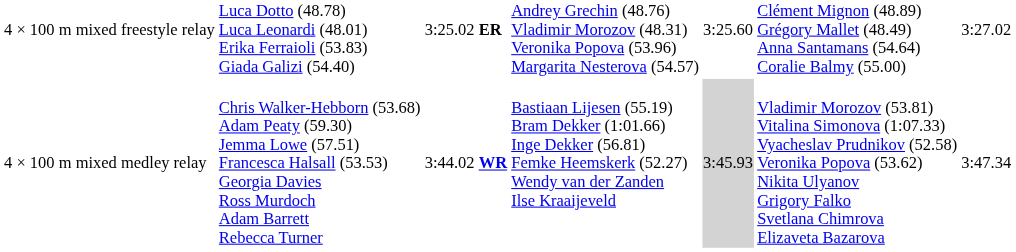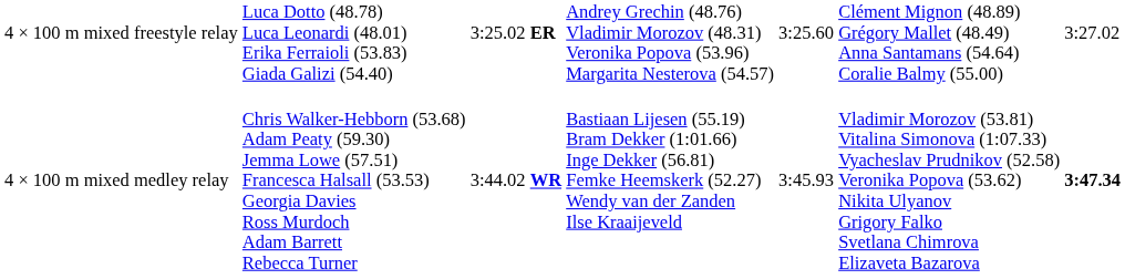 <table>
 <tr>
 <td>4 × 100 m mixed freestyle relay<br></td>
 <td><br><a href='#'>Luca Dotto</a> (48.78)<br><a href='#'>Luca Leonardi</a> (48.01)<br><a href='#'>Erika Ferraioli</a> (53.83)<br><a href='#'>Giada Galizi</a> (54.40)</td>
 <td>3:25.02 <strong>ER</strong></td>
 <td><br><a href='#'>Andrey Grechin</a> (48.76)<br><a href='#'>Vladimir Morozov</a> (48.31)<br><a href='#'>Veronika Popova</a> (53.96)<br><a href='#'>Margarita Nesterova</a> (54.57)</td>
 <td>3:25.60</td>
 <td><br><a href='#'>Clément Mignon</a> (48.89)<br><a href='#'>Grégory Mallet</a> (48.49)<br><a href='#'>Anna Santamans</a> (54.64)<br><a href='#'>Coralie Balmy</a> (55.00)</td>
 <td>3:27.02</td>
 </tr>
 <tr>
 <td>4 × 100 m mixed medley relay<br></td>
 <td valign=top><br><a href='#'>Chris Walker-Hebborn</a> (53.68)<br><a href='#'>Adam Peaty</a> (59.30)<br><a href='#'>Jemma Lowe</a> (57.51)<br><a href='#'>Francesca Halsall</a> (53.53)<br><a href='#'>Georgia Davies</a><br><a href='#'>Ross Murdoch</a><br><a href='#'>Adam Barrett</a><br><a href='#'>Rebecca Turner</a></td>
 <td>3:44.02 <strong><a href='#'>WR</a></strong></td>
 <td valign=top><br><a href='#'>Bastiaan Lijesen</a> (55.19)<br><a href='#'>Bram Dekker</a> (1:01.66)<br><a href='#'>Inge Dekker</a> (56.81)<br><a href='#'>Femke Heemskerk</a> (52.27)<br><a href='#'>Wendy van der Zanden</a><br><a href='#'>Ilse Kraaijeveld</a></td>
-<td style="background: lightgrey;">3:45.93</td>
+<td>3:45.93</td>
 <td valign=top><br><a href='#'>Vladimir Morozov</a> (53.81)<br><a href='#'>Vitalina Simonova</a> (1:07.33)<br><a href='#'>Vyacheslav Prudnikov</a> (52.58)<br><a href='#'>Veronika Popova</a> (53.62)<br><a href='#'>Nikita Ulyanov</a><br><a href='#'>Grigory Falko</a><br><a href='#'>Svetlana Chimrova</a><br><a href='#'>Elizaveta Bazarova</a></td>
-<td>3:47.34</td>
+<td><strong>3:47.34</strong></td>
 </tr>
 </table>
